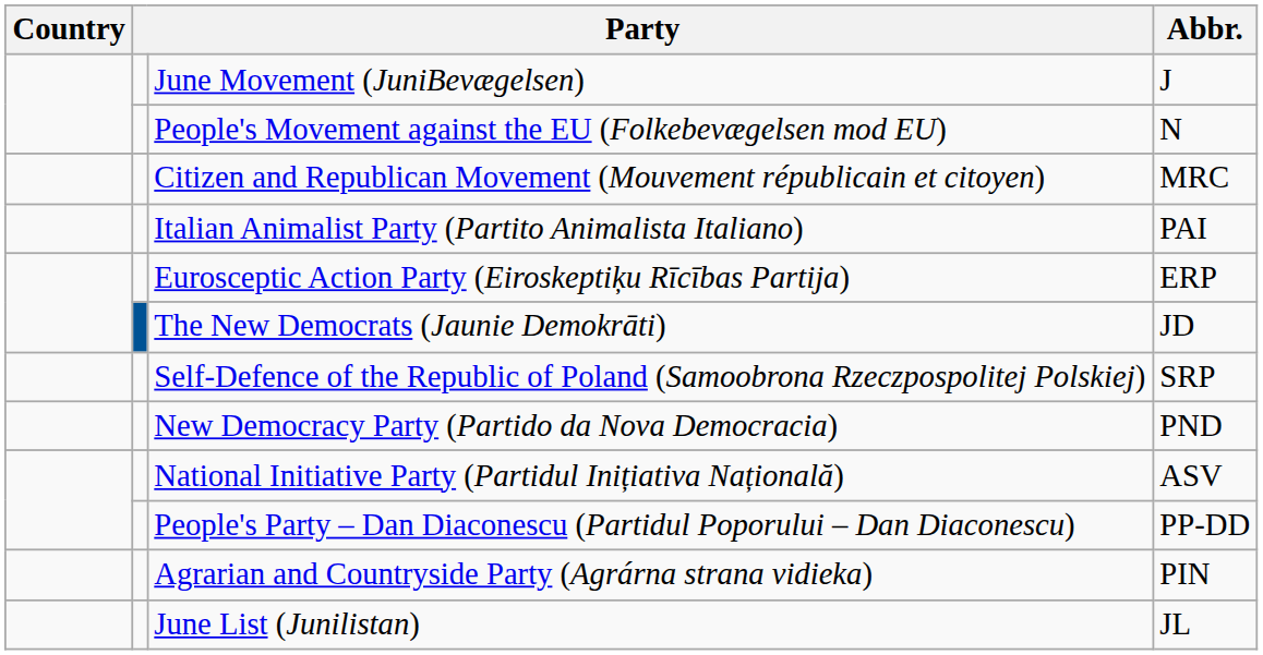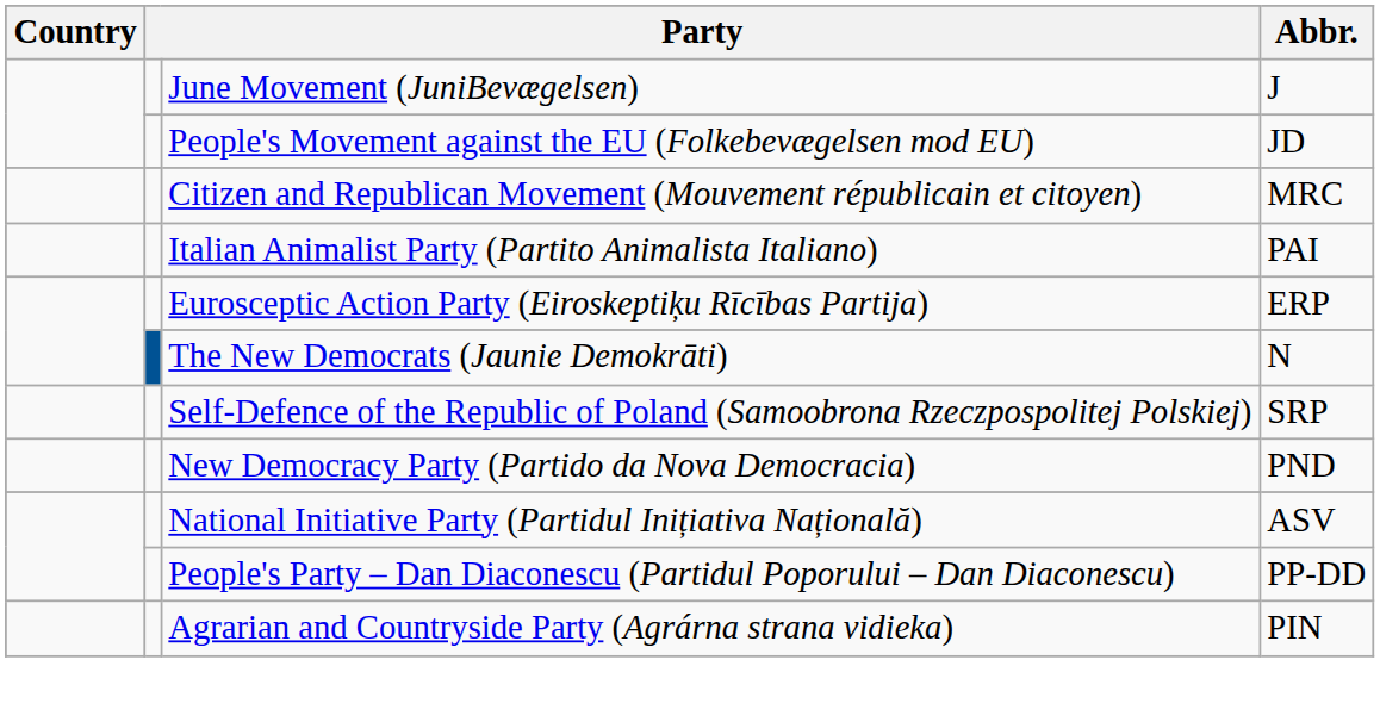 <table class="wikitable sortable">
 <tr>
 <th>Country</th>
 <th colspan="2">Party</th>
 <th>Abbr.</th>
 </tr>
 <tr>
 <td rowspan="2"></td>
 <td bgcolor=></td>
 <td><a href='#'>June Movement</a> (<em>JuniBevægelsen</em>)</td>
 <td>J</td>
 </tr>
 <tr>
 <td bgcolor=></td>
 <td><a href='#'>People's Movement against the EU</a> (<em>Folkebevægelsen mod EU</em>)</td>
-<td>N</td>
+<td>JD</td>
 </tr>
 <tr>
 <td></td>
 <td bgcolor=></td>
 <td><a href='#'>Citizen and Republican Movement</a> (<em>Mouvement républicain et citoyen</em>)</td>
 <td>MRC</td>
 </tr>
 <tr>
 <td></td>
 <td bgcolor=></td>
 <td><a href='#'>Italian Animalist Party</a> (<em>Partito Animalista Italiano</em>)</td>
 <td>PAI</td>
 </tr>
 <tr>
 <td rowspan="2"></td>
 <td bgcolor=></td>
 <td><a href='#'>Eurosceptic Action Party</a> (<em>Eiroskeptiķu Rīcības Partija</em>)</td>
 <td>ERP</td>
 </tr>
 <tr>
 <td bgcolor="#005294"></td>
 <td><a href='#'>The New Democrats</a> (<em>Jaunie Demokrāti</em>)</td>
-<td>JD</td>
+<td>N</td>
 </tr>
 <tr>
 <td></td>
 <td bgcolor=></td>
 <td><a href='#'>Self-Defence of the Republic of Poland</a> (<em>Samoobrona Rzeczpospolitej Polskiej</em>)</td>
 <td>SRP</td>
 </tr>
 <tr>
 <td></td>
 <td bgcolor=></td>
 <td><a href='#'>New Democracy Party</a> (<em>Partido da Nova Democracia</em>)</td>
 <td>PND</td>
 </tr>
 <tr>
 <td rowspan="2"></td>
 <td bgcolor=></td>
 <td><a href='#'>National Initiative Party</a> (<em>Partidul Inițiativa Națională</em>)</td>
 <td>ASV</td>
 </tr>
 <tr>
 <td bgcolor=></td>
 <td><a href='#'>People's Party – Dan Diaconescu</a> (<em>Partidul Poporului – Dan Diaconescu</em>)</td>
 <td>PP-DD</td>
 </tr>
 <tr>
 <td></td>
 <td></td>
 <td><a href='#'>Agrarian and Countryside Party</a> (<em>Agrárna strana vidieka</em>)</td>
 <td>PIN</td>
 </tr>
-<tr>
-<td></td>
-<td bgcolor=></td>
-<td><a href='#'>June List</a> (<em>Junilistan</em>)</td>
-<td>JL</td>
-</tr>
 </table>
